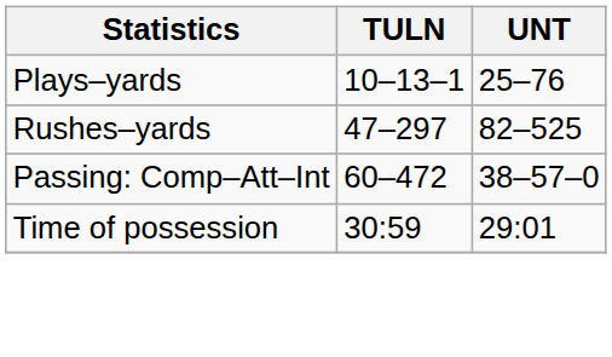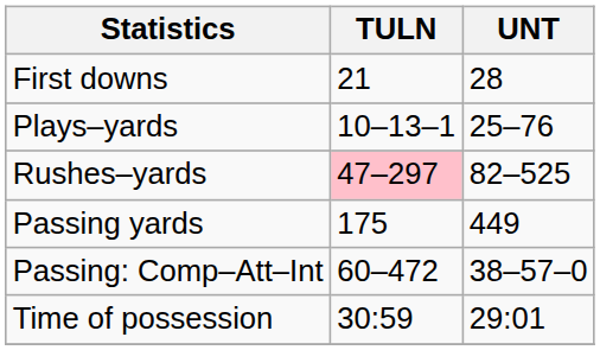 <table class="wikitable" style="float: left;">
 <tr>
 <th>Statistics</th>
 <th>TULN</th>
 <th>UNT</th>
+</tr>
+<tr>
+<td>First downs</td>
+<td>21</td>
+<td>28</td>
 </tr>
 <tr>
 <td>Plays–yards</td>
 <td>10–13–1</td>
 <td>25–76</td>
 </tr>
 <tr>
 <td>Rushes–yards</td>
-<td>47–297</td>
+<td style="background: pink;">47–297</td>
 <td>82–525</td>
+</tr>
+<tr>
+<td>Passing yards</td>
+<td>175</td>
+<td>449</td>
 </tr>
 <tr>
 <td>Passing: Comp–Att–Int</td>
 <td>60–472</td>
 <td>38–57–0</td>
 </tr>
 <tr>
 <td>Time of possession</td>
 <td>30:59</td>
 <td>29:01</td>
 </tr>
 <tr>
 </tr>
 </table>
